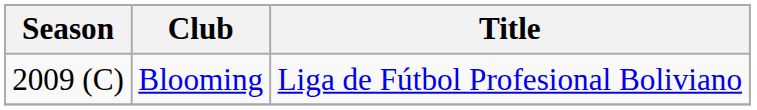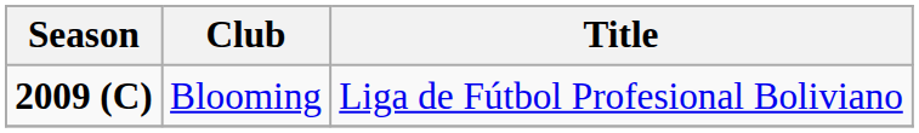 <table class="wikitable">
 <tr>
 <th>Season</th>
 <th>Club</th>
 <th>Title</th>
 </tr>
 <tr>
-<td>2009 (C)</td>
+<td><strong>2009 (C)</strong></td>
 <td><a href='#'>Blooming</a></td>
 <td><a href='#'>Liga de Fútbol Profesional Boliviano</a></td>
 </tr>
 <tr>
 </tr>
 </table>
